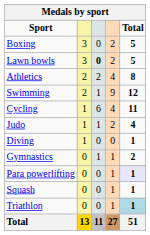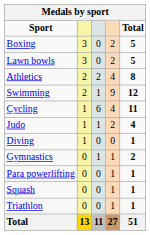 <table class="wikitable" style="font-size:85%;float:right;text-align:center">
 <tr style="background:#efefef;">
 <th colspan=7>Medals by sport</th>
 </tr>
 <tr>
 <td><strong>Sport</strong></td>
 <td bgcolor=#f7f6a8></td>
 <td bgcolor=#dce5e5></td>
 <td bgcolor=#ffdab9></td>
 <td><strong>Total</strong></td>
 </tr>
 <tr>
 <td style="text-align:left;"><a href='#'>Boxing</a></td>
 <td style="background:#F7F6A8;">3</td>
 <td style="background:#DCE5E5;">0</td>
 <td style="background:#FFDAB9;">2</td>
 <td><strong>5</strong></td>
 </tr>
 <tr>
 <td style="text-align:left;"><a href='#'>Lawn bowls</a></td>
 <td style="background:#F7F6A8;">3</td>
-<td style="background:#DCE5E5;"><strong>0</strong></td>
+<td style="background:#DCE5E5;">0</td>
 <td style="background:#FFDAB9;">2</td>
 <td><strong>5</strong></td>
 </tr>
 <tr>
 <td style="text-align:left;"><a href='#'>Athletics</a></td>
 <td style="background:#F7F6A8;">2</td>
 <td style="background:#DCE5E5;">2</td>
 <td style="background:#FFDAB9;">4</td>
 <td><strong>8</strong></td>
 </tr>
 <tr>
 <td style="text-align:left;"><a href='#'>Swimming</a></td>
 <td style="background:#F7F6A8;">2</td>
 <td style="background:#DCE5E5;">1</td>
 <td style="background:#FFDAB9;">9</td>
 <td><strong>12</strong></td>
 </tr>
 <tr>
 <td style="text-align:left;"><a href='#'>Cycling</a></td>
 <td style="background:#F7F6A8;">1</td>
 <td style="background:#DCE5E5;">6</td>
 <td style="background:#FFDAB9;">4</td>
 <td><strong>11</strong></td>
 </tr>
 <tr>
 <td style="text-align:left;"><a href='#'>Judo</a></td>
 <td style="background:#F7F6A8;">1</td>
 <td style="background:#DCE5E5;">1</td>
 <td style="background:#FFDAB9;">2</td>
 <td><strong>4</strong></td>
 </tr>
 <tr>
 <td style="text-align:left;"><a href='#'>Diving</a></td>
 <td style="background:#F7F6A8;">1</td>
 <td style="background:#DCE5E5;">0</td>
 <td style="background:#FFDAB9;">0</td>
 <td><strong>1</strong></td>
 </tr>
 <tr>
 <td style="text-align:left;"><a href='#'>Gymnastics</a></td>
 <td style="background:#F7F6A8;">0</td>
 <td style="background:#DCE5E5;">1</td>
 <td style="background:#FFDAB9;">1</td>
 <td><strong>2</strong></td>
 </tr>
 <tr>
 <td style="text-align:left;"><a href='#'>Para powerlifting</a></td>
 <td style="background:#F7F6A8;">0</td>
 <td style="background:#DCE5E5;">0</td>
 <td style="background:#FFDAB9;">1</td>
-<td style="background: lavender;"><strong>1</strong></td>
+<td><strong>1</strong></td>
 </tr>
 <tr>
 <td style="text-align:left;"><a href='#'>Squash</a></td>
 <td style="background:#F7F6A8;">0</td>
 <td style="background:#DCE5E5;">0</td>
 <td style="background:#FFDAB9;">1</td>
 <td><strong>1</strong></td>
 </tr>
 <tr>
 <td style="text-align:left;"><a href='#'>Triathlon</a></td>
 <td style="background:#F7F6A8;">0</td>
 <td style="background:#DCE5E5;">0</td>
 <td style="background:#FFDAB9;">1</td>
-<td style="background: lightblue;"><strong>1</strong></td>
+<td><strong>1</strong></td>
 </tr>
 <tr>
 <th style="text-align:left;">Total</th>
 <th style="background:gold;">13</th>
 <th style="background:silver;">11</th>
 <th style="background:#c96;">27</th>
 <th>51</th>
 </tr>
 </table>
